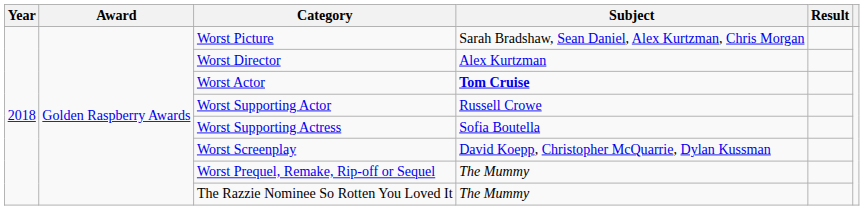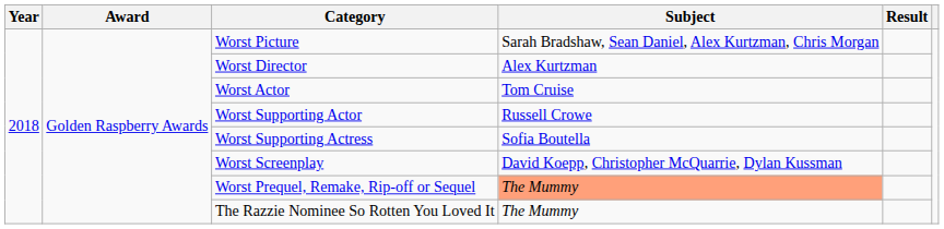 <table class="wikitable">
 <tr>
 <th>Year</th>
 <th>Award</th>
 <th>Category</th>
 <th>Subject</th>
 <th>Result</th>
 <th></th>
 </tr>
 <tr>
 <td rowspan="8"><a href='#'>2018</a></td>
 <td rowspan="8"><a href='#'>Golden Raspberry Awards</a></td>
 <td><a href='#'>Worst Picture</a></td>
 <td>Sarah Bradshaw, <a href='#'>Sean Daniel</a>, <a href='#'>Alex Kurtzman</a>, <a href='#'>Chris Morgan</a></td>
 <td></td>
 <td rowspan="8"></td>
 </tr>
 <tr>
 <td><a href='#'>Worst Director</a></td>
 <td><a href='#'>Alex Kurtzman</a></td>
 <td></td>
 </tr>
 <tr>
 <td><a href='#'>Worst Actor</a></td>
-<td><strong><a href='#'>Tom Cruise</a></strong></td>
+<td><a href='#'>Tom Cruise</a></td>
 <td></td>
 </tr>
 <tr>
 <td><a href='#'>Worst Supporting Actor</a></td>
 <td><a href='#'>Russell Crowe</a></td>
 <td></td>
 </tr>
 <tr>
 <td><a href='#'>Worst Supporting Actress</a></td>
 <td><a href='#'>Sofia Boutella</a></td>
 <td></td>
 </tr>
 <tr>
 <td><a href='#'>Worst Screenplay</a></td>
 <td><a href='#'>David Koepp</a>, <a href='#'>Christopher McQuarrie</a>, <a href='#'>Dylan Kussman</a></td>
 <td></td>
 </tr>
 <tr>
 <td><a href='#'>Worst Prequel, Remake, Rip-off or Sequel</a></td>
-<td><em>The Mummy</em></td>
+<td style="background: lightsalmon;"><em>The Mummy</em></td>
 <td></td>
 </tr>
 <tr>
 <td>The Razzie Nominee So Rotten You Loved It</td>
 <td><em>The Mummy</em></td>
 <td></td>
 </tr>
 </table>
